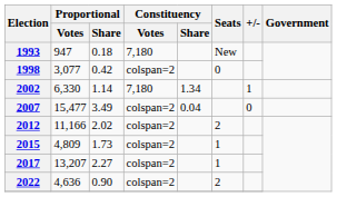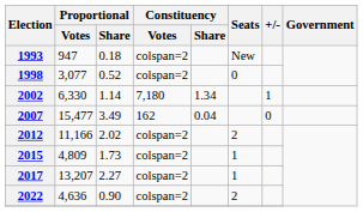 <table class="wikitable">
 <tr>
 <th rowspan=2>Election</th>
 <th colspan=2>Proportional</th>
 <th colspan=2>Constituency</th>
 <th rowspan=2>Seats</th>
 <th rowspan=2>+/-</th>
 <th rowspan=2>Government</th>
 </tr>
 <tr>
 <th>Votes</th>
 <th>Share</th>
 <th>Votes</th>
 <th>Share</th>
 </tr>
 <tr>
 <th><a href='#'>1993</a></th>
 <td>947</td>
 <td>0.18</td>
-<td>7,180</td>
+<td>colspan=2 </td>
 <td></td>
 <td>New</td>
 <td></td>
 </tr>
 <tr>
 <th><a href='#'>1998</a></th>
 <td>3,077</td>
-<td>0.42</td>
+<td>0.52</td>
 <td>colspan=2 </td>
 <td></td>
 <td> 0</td>
 <td></td>
 </tr>
 <tr>
 <th><a href='#'>2002</a></th>
 <td>6,330</td>
 <td>1.14</td>
 <td>7,180</td>
 <td>1.34</td>
 <td></td>
 <td> 1</td>
 <td></td>
 </tr>
 <tr>
 <th><a href='#'>2007</a></th>
 <td>15,477</td>
 <td>3.49</td>
-<td>colspan=2 </td>
+<td>162</td>
 <td>0.04</td>
 <td></td>
 <td> 0</td>
 <td></td>
 </tr>
 <tr>
 <th><a href='#'>2012</a></th>
 <td>11,166</td>
 <td>2.02</td>
 <td>colspan=2 </td>
 <td></td>
 <td> 2</td>
 <td></td>
 </tr>
 <tr>
 <th><a href='#'>2015</a></th>
 <td>4,809</td>
 <td>1.73</td>
 <td>colspan=2 </td>
 <td></td>
 <td> 1</td>
 <td></td>
 </tr>
 <tr>
 <th><a href='#'>2017</a></th>
 <td>13,207</td>
 <td>2.27</td>
 <td>colspan=2 </td>
 <td></td>
 <td> 1</td>
 <td></td>
 </tr>
 <tr>
 <th><a href='#'>2022</a></th>
 <td>4,636</td>
 <td>0.90</td>
 <td>colspan=2 </td>
 <td></td>
 <td> 2</td>
 <td></td>
 </tr>
 <tr>
 </tr>
 </table>
